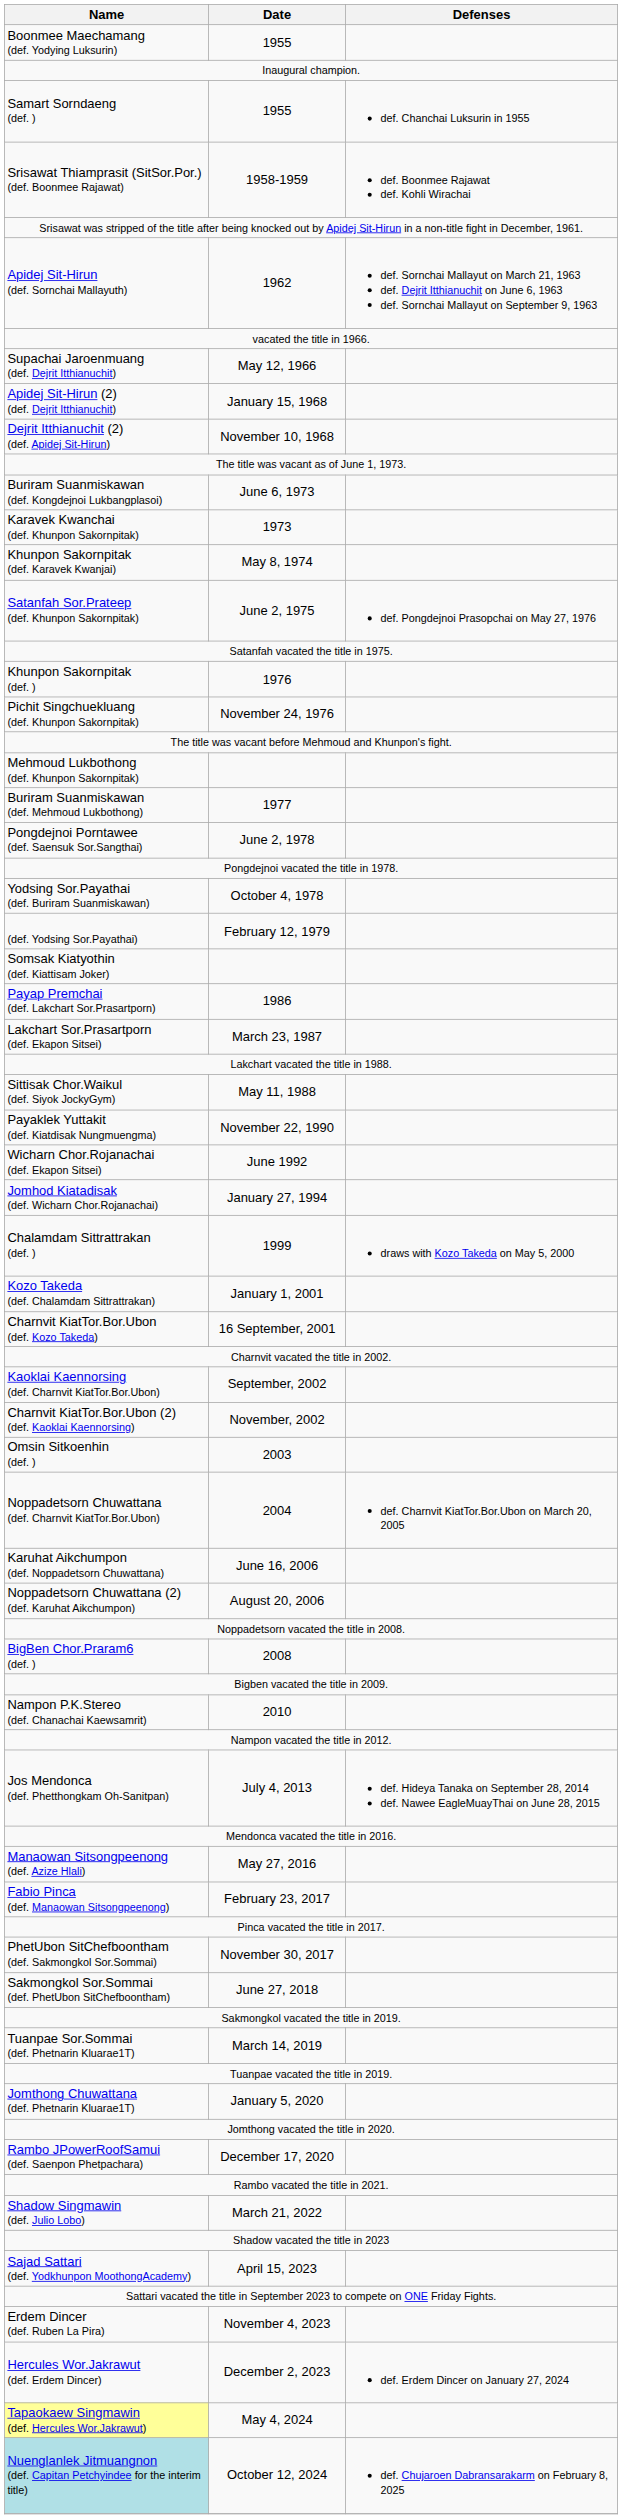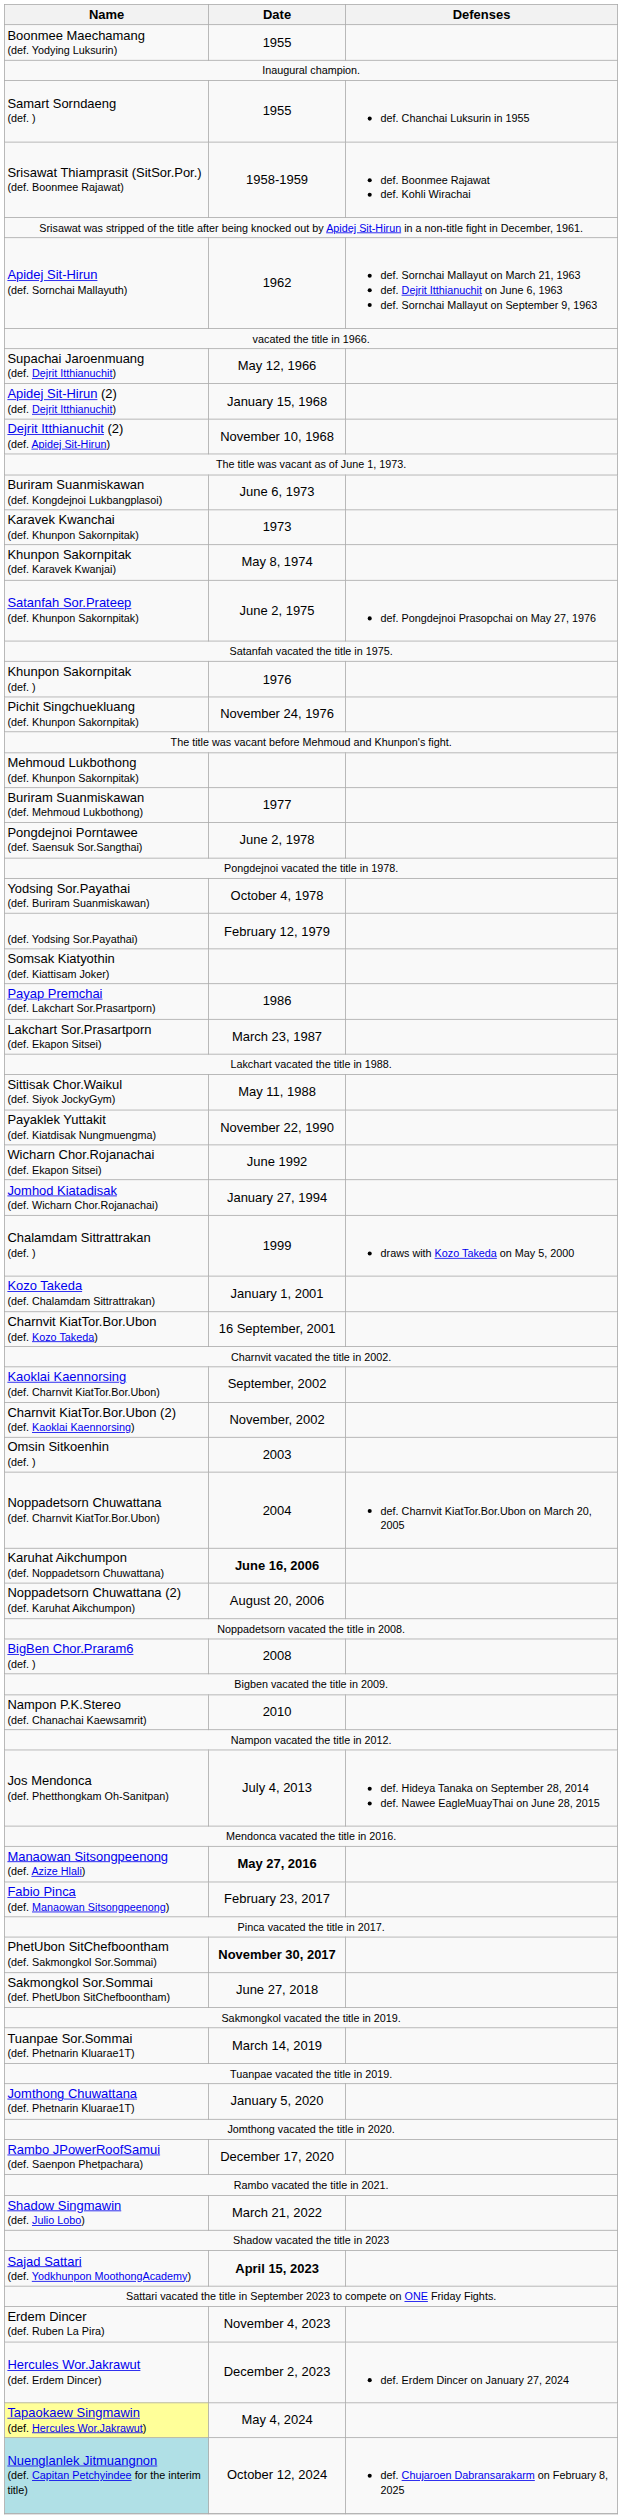 <table class="wikitable" width=60%>
 <tr>
 <th width=30%>Name</th>
 <th width=20%>Date</th>
 <th width=40%>Defenses</th>
 </tr>
 <tr>
 <td align=left> Boonmee Maechamang <br><small>(def. Yodying Luksurin)</small></td>
 <td align=center>1955</td>
 <td></td>
 </tr>
 <tr>
 <td colspan=4 align=center><small> Inaugural champion.</small></td>
 </tr>
 <tr>
 <td align=left> Samart Sorndaeng <br><small>(def. )</small></td>
 <td align=center>1955</td>
 <td><br><ul><li><small>def. Chanchai Luksurin in 1955</small></li></ul></td>
 </tr>
 <tr>
 <td align=left> Srisawat Thiamprasit (SitSor.Por.)<br><small>(def. Boonmee Rajawat)</small></td>
 <td align=center>1958-1959</td>
 <td><br><ul><li><small>def. Boonmee Rajawat</small></li><li><small>def. Kohli Wirachai</small></li></ul></td>
 </tr>
 <tr>
 <td colspan=4 align=center><small> Srisawat was stripped of the title after being knocked out by <a href='#'>Apidej Sit-Hirun</a> in a non-title fight in December, 1961.</small></td>
 </tr>
 <tr>
 <td align=left> <a href='#'>Apidej Sit-Hirun</a> <br><small>(def. Sornchai Mallayuth)</small></td>
 <td align=center>1962</td>
 <td><br><ul><li><small>def. Sornchai Mallayut on March 21, 1963</small></li><li><small>def. <a href='#'>Dejrit Itthianuchit</a> on June 6, 1963</small></li><li><small>def. Sornchai Mallayut on September 9, 1963</small></li></ul></td>
 </tr>
 <tr>
 <td colspan=4 align=center><small> vacated the title in 1966.</small></td>
 </tr>
 <tr>
 <td align=left> Supachai Jaroenmuang <br><small>(def. <a href='#'>Dejrit Itthianuchit</a>)</small></td>
 <td align=center>May 12, 1966</td>
 <td></td>
 </tr>
 <tr>
 <td align=left> <a href='#'>Apidej Sit-Hirun</a> (2)<br><small>(def. <a href='#'>Dejrit Itthianuchit</a>)</small></td>
 <td align=center>January 15, 1968</td>
 <td></td>
 </tr>
 <tr>
 <td align=left> <a href='#'>Dejrit Itthianuchit</a> (2)<br><small>(def. <a href='#'>Apidej Sit-Hirun</a>)</small></td>
 <td align=center>November 10, 1968</td>
 <td></td>
 </tr>
 <tr>
 <td colspan=4 align=center><small>The title was vacant as of June 1, 1973.</small></td>
 </tr>
 <tr>
 <td align=left> Buriram Suanmiskawan<br><small>(def. Kongdejnoi Lukbangplasoi)</small></td>
 <td align=center>June 6, 1973</td>
 <td></td>
 </tr>
 <tr>
 <td align=left> Karavek Kwanchai <br><small>(def. Khunpon Sakornpitak)</small></td>
 <td align=center>1973</td>
 <td></td>
 </tr>
 <tr>
 <td align=left> Khunpon Sakornpitak <br><small>(def. Karavek Kwanjai)</small></td>
 <td align=center>May 8, 1974</td>
 <td></td>
 </tr>
 <tr>
 <td align=left> <a href='#'>Satanfah Sor.Prateep</a> <br><small>(def. Khunpon Sakornpitak)</small></td>
 <td align=center>June 2, 1975</td>
 <td><br><ul><li><small>def. Pongdejnoi Prasopchai on May 27, 1976</small></li></ul></td>
 </tr>
 <tr>
 <td colspan=4 align=center><small>Satanfah vacated the title in 1975.</small></td>
 </tr>
 <tr>
 <td align=left> Khunpon Sakornpitak <br><small>(def. )</small></td>
 <td align=center>1976</td>
 <td></td>
 </tr>
 <tr>
 <td align=left> Pichit Singchuekluang <br><small>(def. Khunpon Sakornpitak)</small></td>
 <td align=center>November 24, 1976</td>
 <td></td>
 </tr>
 <tr>
 <td colspan=4 align=center><small>The title was vacant before Mehmoud and Khunpon's fight.</small></td>
 </tr>
 <tr>
 <td align=left> Mehmoud Lukbothong <br><small>(def. Khunpon Sakornpitak)</small></td>
 <td align=center></td>
 <td></td>
 </tr>
 <tr>
 <td align=left> Buriram Suanmiskawan <br><small>(def. Mehmoud Lukbothong)</small></td>
 <td align=center>1977</td>
 <td></td>
 </tr>
 <tr>
 <td align=left> Pongdejnoi Porntawee <br><small>(def. Saensuk Sor.Sangthai)</small></td>
 <td align=center>June 2, 1978</td>
 <td></td>
 </tr>
 <tr>
 <td colspan=4 align=center><small>Pongdejnoi vacated the title in 1978.</small></td>
 </tr>
 <tr>
 <td align=left> Yodsing Sor.Payathai <br><small>(def. Buriram Suanmiskawan)</small></td>
 <td align=center>October 4, 1978</td>
 <td></td>
 </tr>
 <tr>
 <td align=left> <br><small>(def. Yodsing Sor.Payathai)</small></td>
 <td align=center>February 12, 1979</td>
 <td></td>
 </tr>
 <tr>
 <td align=left> Somsak Kiatyothin <br><small>(def. Kiattisam Joker)</small></td>
 <td align=center></td>
 <td></td>
 </tr>
 <tr>
 <td align=left> <a href='#'>Payap Premchai</a> <br><small>(def. Lakchart Sor.Prasartporn)</small></td>
 <td align=center>1986</td>
 <td></td>
 </tr>
 <tr>
 <td align=left> Lakchart Sor.Prasartporn <br><small>(def. Ekapon Sitsei)</small></td>
 <td align=center>March 23, 1987</td>
 <td></td>
 </tr>
 <tr>
 <td colspan=4 align=center><small>Lakchart vacated the title in 1988.</small></td>
 </tr>
 <tr>
 <td align=left> Sittisak Chor.Waikul <br><small>(def. Siyok JockyGym)</small></td>
 <td align=center>May 11, 1988</td>
 <td></td>
 </tr>
 <tr>
 <td align=left> Payaklek Yuttakit <br><small>(def. Kiatdisak Nungmuengma)</small></td>
 <td align=center>November 22, 1990</td>
 <td></td>
 </tr>
 <tr>
 <td align=left> Wicharn Chor.Rojanachai <br><small>(def. Ekapon Sitsei)</small></td>
 <td align=center>June 1992</td>
 <td></td>
 </tr>
 <tr>
 <td align=left> <a href='#'>Jomhod Kiatadisak</a> <br><small>(def. Wicharn Chor.Rojanachai)</small></td>
 <td align=center>January 27, 1994</td>
 <td></td>
 </tr>
 <tr>
 <td align=left> Chalamdam Sittrattrakan <br><small>(def. )</small></td>
 <td align=center>1999</td>
 <td><br><ul><li><small>draws with <a href='#'>Kozo Takeda</a> on May 5, 2000</small></li></ul></td>
 </tr>
 <tr>
 <td align=left> <a href='#'>Kozo Takeda</a> <br><small>(def. Chalamdam Sittrattrakan)</small></td>
 <td align=center>January 1, 2001</td>
 <td></td>
 </tr>
 <tr>
 <td align=left> Charnvit KiatTor.Bor.Ubon <br><small>(def. <a href='#'>Kozo Takeda</a>)</small></td>
 <td align=center>16 September, 2001</td>
 <td></td>
 </tr>
 <tr>
 <td colspan=4 align=center><small>Charnvit vacated the title in 2002.</small></td>
 </tr>
 <tr>
 <td align=left> <a href='#'>Kaoklai Kaennorsing</a> <br><small>(def. Charnvit KiatTor.Bor.Ubon)</small></td>
 <td align=center>September, 2002</td>
 <td></td>
 </tr>
 <tr>
 <td align=left> Charnvit KiatTor.Bor.Ubon (2) <br><small>(def. <a href='#'>Kaoklai Kaennorsing</a>)</small></td>
 <td align=center>November, 2002</td>
 <td></td>
 </tr>
 <tr>
 <td align=left> Omsin Sitkoenhin <br><small>(def. )</small></td>
 <td align=center>2003</td>
 <td></td>
 </tr>
 <tr>
 <td align=left> Noppadetsorn Chuwattana <br><small>(def. Charnvit KiatTor.Bor.Ubon)</small></td>
 <td align=center>2004</td>
 <td><br><ul><li><small>def. Charnvit KiatTor.Bor.Ubon on March 20, 2005</small></li></ul></td>
 </tr>
 <tr>
 <td align=left> Karuhat Aikchumpon <br><small>(def. Noppadetsorn Chuwattana)</small></td>
-<td align=center>June 16, 2006</td>
+<td align=center><strong>June 16, 2006</strong></td>
 <td></td>
 </tr>
 <tr>
 <td align=left> Noppadetsorn Chuwattana (2) <br><small>(def. Karuhat Aikchumpon)</small></td>
 <td align=center>August 20, 2006</td>
 <td></td>
 </tr>
 <tr>
 <td colspan=4 align=center><small>Noppadetsorn vacated the title in 2008.</small></td>
 </tr>
 <tr>
 <td align=left> <a href='#'>BigBen Chor.Praram6</a> <br><small>(def. )</small></td>
 <td align=center>2008</td>
 <td></td>
 </tr>
 <tr>
 <td colspan=4 align=center><small>Bigben vacated the title in 2009.</small></td>
 </tr>
 <tr>
 <td align=left> Nampon P.K.Stereo <br><small>(def. Chanachai Kaewsamrit)</small></td>
 <td align=center>2010</td>
 <td></td>
 </tr>
 <tr>
 <td colspan=4 align=center><small>Nampon vacated the title in 2012.</small></td>
 </tr>
 <tr>
 <td align=left> Jos Mendonca <br><small>(def. Phetthongkam Oh-Sanitpan)</small></td>
 <td align=center>July 4, 2013</td>
 <td><br><ul><li><small>def. Hideya Tanaka on September 28, 2014</small></li><li><small>def. Nawee EagleMuayThai on June 28, 2015</small></li></ul></td>
 </tr>
 <tr>
 <td colspan=4 align=center><small>Mendonca vacated the title in 2016.</small></td>
 </tr>
 <tr>
 <td align=left> <a href='#'>Manaowan Sitsongpeenong</a> <br><small>(def. <a href='#'>Azize Hlali</a>)</small></td>
-<td align=center>May 27, 2016</td>
+<td align=center><strong>May 27, 2016</strong></td>
 <td></td>
 </tr>
 <tr>
 <td align=left> <a href='#'>Fabio Pinca</a> <br><small>(def. <a href='#'>Manaowan Sitsongpeenong</a>)</small></td>
 <td align=center>February 23, 2017</td>
 <td></td>
 </tr>
 <tr>
 <td colspan=4 align=center><small>Pinca vacated the title in 2017.</small></td>
 </tr>
 <tr>
 <td align=left> PhetUbon SitChefboontham <br><small>(def. Sakmongkol Sor.Sommai)</small></td>
-<td align=center>November 30, 2017</td>
+<td align=center><strong>November 30, 2017</strong></td>
 <td></td>
 </tr>
 <tr>
 <td align=left> Sakmongkol Sor.Sommai <br><small>(def. PhetUbon SitChefboontham)</small></td>
 <td align=center>June 27, 2018</td>
 <td></td>
 </tr>
 <tr>
 <td colspan=4 align=center><small>Sakmongkol vacated the title in 2019.</small></td>
 </tr>
 <tr>
 <td align=left> Tuanpae Sor.Sommai <br><small>(def. Phetnarin Kluarae1T)</small></td>
 <td align=center>March 14, 2019</td>
 <td></td>
 </tr>
 <tr>
 <td colspan=4 align=center><small>Tuanpae vacated the title in 2019.</small></td>
 </tr>
 <tr>
 <td align=left> <a href='#'>Jomthong Chuwattana</a> <br><small>(def. Phetnarin Kluarae1T)</small></td>
 <td align=center>January 5, 2020</td>
 <td></td>
 </tr>
 <tr>
 <td colspan=4 align=center><small>Jomthong vacated the title in 2020.</small></td>
 </tr>
 <tr>
 <td align=left> <a href='#'>Rambo JPowerRoofSamui</a> <br><small>(def. Saenpon Phetpachara)</small></td>
 <td align=center>December 17, 2020</td>
 <td></td>
 </tr>
 <tr>
 <td colspan=4 align=center><small>Rambo vacated the title in 2021.</small></td>
 </tr>
 <tr>
 <td align=left> <a href='#'>Shadow Singmawin</a> <br><small>(def. <a href='#'>Julio Lobo</a>)</small></td>
 <td align=center>March 21, 2022</td>
 <td></td>
 </tr>
 <tr>
 <td colspan=4 align=center><small>Shadow vacated the title in 2023</small></td>
 </tr>
 <tr>
 <td align=left> <a href='#'>Sajad Sattari</a> <br><small>(def. <a href='#'>Yodkhunpon MoothongAcademy</a>)</small></td>
-<td align=center>April 15, 2023</td>
+<td align=center><strong>April 15, 2023</strong></td>
 <td></td>
 </tr>
 <tr>
 <td colspan=4 align=center><small>Sattari vacated the title in September 2023 to compete on <a href='#'>ONE</a> Friday Fights.</small></td>
 </tr>
 <tr>
 <td align=left> Erdem Dincer <br><small>(def. Ruben La Pira)</small></td>
 <td align=center>November 4, 2023</td>
 <td></td>
 </tr>
 <tr>
 <td align=left> <a href='#'>Hercules Wor.Jakrawut</a><br><small>(def. Erdem Dincer)</small></td>
 <td align=center>December 2, 2023</td>
 <td><br><ul><li><small>def. Erdem Dincer on January 27, 2024</small></li></ul></td>
 </tr>
 <tr>
 <td align=left bgcolor="#FFFF99"> <a href='#'>Tapaokaew Singmawin</a><br><small>(def. <a href='#'>Hercules Wor.Jakrawut</a>)</small></td>
 <td align=center>May 4, 2024</td>
 <td></td>
 </tr>
 <tr>
 <td align=left bgcolor="B0E0E6"> <a href='#'>Nuenglanlek Jitmuangnon</a><br><small>(def. <a href='#'>Capitan Petchyindee</a> for the interim title)</small></td>
 <td align=center>October 12, 2024</td>
 <td><br><ul><li><small>def. <a href='#'>Chujaroen Dabransarakarm</a> on February 8, 2025</small></li></ul></td>
 </tr>
 <tr>
 </tr>
 </table>
